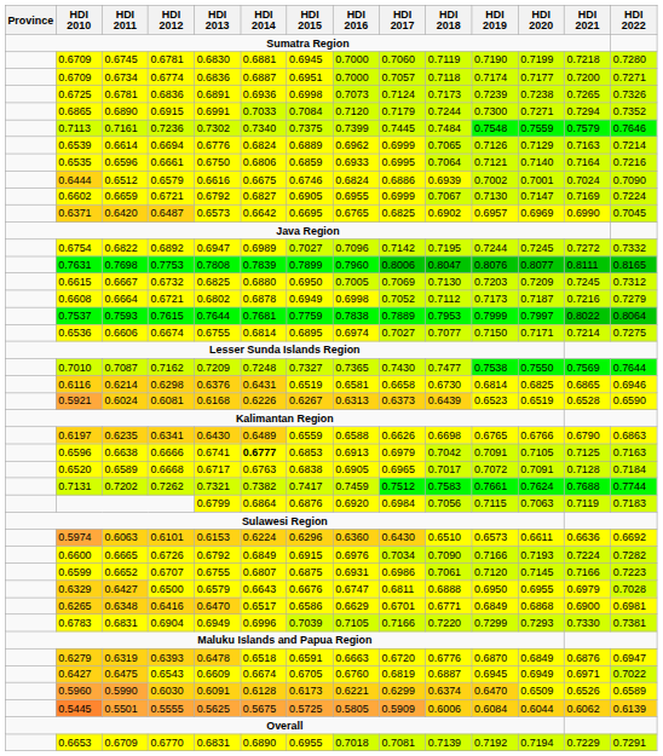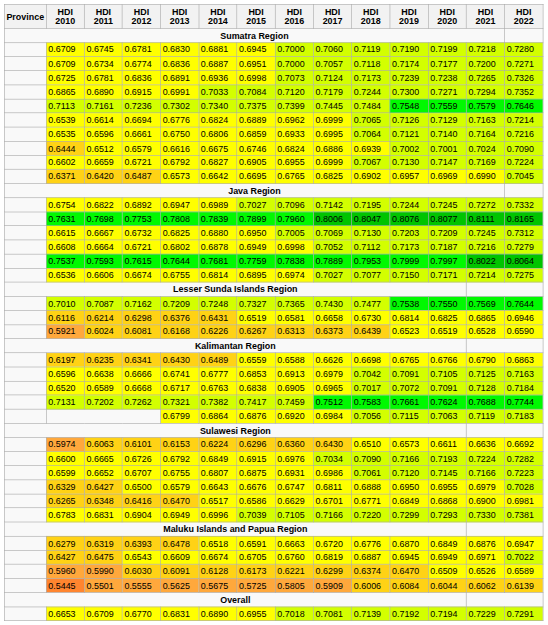 <table class="wikitable sortable" style="margin: 1em 1em 1em 0; font-size: 90%;">
 <tr>
 <th>Province</th>
 <th>HDI 2010</th>
 <th>HDI 2011</th>
 <th>HDI 2012</th>
 <th>HDI 2013</th>
 <th>HDI 2014</th>
 <th>HDI 2015</th>
 <th>HDI 2016</th>
 <th>HDI 2017</th>
 <th>HDI 2018</th>
 <th>HDI 2019</th>
 <th>HDI 2020</th>
 <th>HDI 2021</th>
 <th>HDI 2022</th>
 </tr>
 <tr>
 <td colspan="13" style="text-align:center"><strong>Sumatra Region</strong></td>
 </tr>
 <tr>
 <td></td>
 <td style="background:#FFFF00;">0.6709</td>
 <td style="background:#FFFF00;">0.6745</td>
 <td style="background:#FFFF00;">0.6781</td>
 <td style="background:#FFFF00;">0.6830</td>
 <td style="background:#FFFF00;">0.6881</td>
 <td style="background:#FFFF00;">0.6945</td>
 <td style="background:#D3FF00;">0.7000</td>
 <td style="background:#D3FF00;">0.7060</td>
 <td style="background:#D3FF00;">0.7119</td>
 <td style="background:#D3FF00;">0.7190</td>
 <td style="background:#D3FF00;">0.7199</td>
 <td style="background:#D3FF00;">0.7218</td>
 <td style="background:#D3FF00;">0.7280</td>
 </tr>
 <tr>
 <td></td>
 <td style="background:#FFFF00;">0.6709</td>
 <td style="background:#FFFF00;">0.6734</td>
 <td style="background:#FFFF00;">0.6774</td>
 <td style="background:#FFFF00;">0.6836</td>
 <td style="background:#FFFF00;">0.6887</td>
 <td style="background:#FFFF00;">0.6951</td>
 <td style="background:#D3FF00;">0.7000</td>
 <td style="background:#D3FF00;">0.7057</td>
 <td style="background:#D3FF00;">0.7118</td>
 <td style="background:#D3FF00;">0.7174</td>
 <td style="background:#D3FF00;">0.7177</td>
 <td style="background:#D3FF00;">0.7200</td>
 <td style="background:#D3FF00;">0.7271</td>
 </tr>
 <tr>
 <td></td>
 <td style="background:#FFFF00;">0.6725</td>
 <td style="background:#FFFF00;">0.6781</td>
 <td style="background:#FFFF00;">0.6836</td>
 <td style="background:#FFFF00;">0.6891</td>
 <td style="background:#FFFF00;">0.6936</td>
 <td style="background:#FFFF00;">0.6998</td>
 <td style="background:#D3FF00;">0.7073</td>
 <td style="background:#D3FF00;">0.7124</td>
 <td style="background:#D3FF00;">0.7173</td>
 <td style="background:#D3FF00;">0.7239</td>
 <td style="background:#D3FF00;">0.7238</td>
 <td style="background:#D3FF00;">0.7265</td>
 <td style="background:#D3FF00;">0.7326</td>
 </tr>
 <tr>
 <td></td>
 <td style="background:#FFFF00;">0.6865</td>
 <td style="background:#FFFF00;">0.6890</td>
 <td style="background:#FFFF00;">0.6915</td>
 <td style="background:#FFFF00;">0.6991</td>
 <td style="background:#D3FF00;">0.7033</td>
 <td style="background:#D3FF00;">0.7084</td>
 <td style="background:#D3FF00;">0.7120</td>
 <td style="background:#D3FF00;">0.7179</td>
 <td style="background:#D3FF00;">0.7244</td>
 <td style="background:#D3FF00;">0.7300</td>
 <td style="background:#D3FF00;">0.7271</td>
 <td style="background:#D3FF00;">0.7294</td>
 <td style="background:#D3FF00;">0.7352</td>
 </tr>
 <tr>
 <td></td>
 <td style="background:#D3FF00;">0.7113</td>
 <td style="background:#D3FF00;">0.7161</td>
 <td style="background:#D3FF00;">0.7236</td>
 <td style="background:#D3FF00;">0.7302</td>
 <td style="background:#D3FF00;">0.7340</td>
 <td style="background:#D3FF00;">0.7375</td>
 <td style="background:#D3FF00;">0.7399</td>
 <td style="background:#D3FF00;">0.7445</td>
 <td style="background:#D3FF00;">0.7484</td>
 <td style="background:#00F900;">0.7548</td>
 <td style="background:#00F900;">0.7559</td>
 <td style="background:#00F900;">0.7579</td>
 <td style="background:#00F900;">0.7646</td>
 </tr>
 <tr>
 <td></td>
 <td style="background:#FFFF00;">0.6539</td>
 <td style="background:#FFFF00;">0.6614</td>
 <td style="background:#FFFF00;">0.6694</td>
 <td style="background:#FFFF00;">0.6776</td>
 <td style="background:#FFFF00;">0.6824</td>
 <td style="background:#FFFF00;">0.6889</td>
 <td style="background:#FFFF00;">0.6962</td>
 <td style="background:#FFFF00;">0.6999</td>
 <td style="background:#D3FF00;">0.7065</td>
 <td style="background:#D3FF00;">0.7126</td>
 <td style="background:#D3FF00;">0.7129</td>
 <td style="background:#D3FF00;">0.7163</td>
 <td style="background:#D3FF00;">0.7214</td>
 </tr>
 <tr>
 <td></td>
 <td style="background:#FFFF00;">0.6535</td>
 <td style="background:#FFFF00;">0.6596</td>
 <td style="background:#FFFF00;">0.6661</td>
 <td style="background:#FFFF00;">0.6750</td>
 <td style="background:#FFFF00;">0.6806</td>
 <td style="background:#FFFF00;">0.6859</td>
 <td style="background:#FFFF00;">0.6933</td>
 <td style="background:#FFFF00;">0.6995</td>
 <td style="background:#D3FF00;">0.7064</td>
 <td style="background:#D3FF00;">0.7121</td>
 <td style="background:#D3FF00;">0.7140</td>
 <td style="background:#D3FF00;">0.7164</td>
 <td style="background:#D3FF00;">0.7216</td>
 </tr>
 <tr>
 <td></td>
 <td style="background:#FFD215;">0.6444</td>
 <td style="background:#FFFF00;">0.6512</td>
 <td style="background:#FFFF00;">0.6579</td>
 <td style="background:#FFFF00;">0.6616</td>
 <td style="background:#FFFF00;">0.6675</td>
 <td style="background:#FFFF00;">0.6746</td>
 <td style="background:#FFFF00;">0.6824</td>
 <td style="background:#FFFF00;">0.6886</td>
 <td style="background:#FFFF00;">0.6939</td>
 <td style="background:#D3FF00;">0.7002</td>
 <td style="background:#D3FF00;">0.7001</td>
 <td style="background:#D3FF00;">0.7024</td>
 <td style="background:#D3FF00;">0.7090</td>
 </tr>
 <tr>
 <td></td>
 <td style="background:#FFFF00;">0.6602</td>
 <td style="background:#FFFF00;">0.6659</td>
 <td style="background:#FFFF00;">0.6721</td>
 <td style="background:#FFFF00;">0.6792</td>
 <td style="background:#FFFF00;">0.6827</td>
 <td style="background:#FFFF00;">0.6905</td>
 <td style="background:#FFFF00;">0.6955</td>
 <td style="background:#FFFF00;">0.6999</td>
 <td style="background:#D3FF00;">0.7067</td>
 <td style="background:#D3FF00;">0.7130</td>
 <td style="background:#D3FF00;">0.7147</td>
 <td style="background:#D3FF00;">0.7169</td>
 <td style="background:#D3FF00;">0.7224</td>
 </tr>
 <tr>
 <td></td>
 <td style="background:#FFD215;">0.6371</td>
 <td style="background:#FFD215;">0.6420</td>
 <td style="background:#FFD215;">0.6487</td>
 <td style="background:#FFFF00;">0.6573</td>
 <td style="background:#FFFF00;">0.6642</td>
 <td style="background:#FFFF00;">0.6695</td>
 <td style="background:#FFFF00;">0.6765</td>
 <td style="background:#FFFF00;">0.6825</td>
 <td style="background:#FFFF00;">0.6902</td>
 <td style="background:#FFFF00;">0.6957</td>
 <td style="background:#FFFF00;">0.6969</td>
 <td style="background:#FFFF00;">0.6990</td>
 <td style="background:#D3FF00;">0.7045</td>
 </tr>
 <tr>
 <td colspan="13" style="text-align:center"><strong>Java Region</strong></td>
 </tr>
 <tr>
 <td></td>
 <td style="background:#FFFF00;">0.6754</td>
 <td style="background:#FFFF00;">0.6822</td>
 <td style="background:#FFFF00;">0.6892</td>
 <td style="background:#FFFF00;">0.6947</td>
 <td style="background:#FFFF00;">0.6989</td>
 <td style="background:#D3FF00;">0.7027</td>
 <td style="background:#D3FF00;">0.7096</td>
 <td style="background:#D3FF00;">0.7142</td>
 <td style="background:#D3FF00;">0.7195</td>
 <td style="background:#D3FF00;">0.7244</td>
 <td style="background:#D3FF00;">0.7245</td>
 <td style="background:#D3FF00;">0.7272</td>
 <td style="background:#D3FF00;">0.7332</td>
 </tr>
 <tr>
 <td></td>
 <td style="background:#00F900;">0.7631</td>
 <td style="background:#00F900;">0.7698</td>
 <td style="background:#00F900;">0.7753</td>
 <td style="background:#00F900;">0.7808</td>
 <td style="background:#00F900;">0.7839</td>
 <td style="background:#00F900;">0.7899</td>
 <td style="background:#00F900;">0.7960</td>
 <td style="background:#00C400;">0.8006</td>
 <td style="background:#00C400;">0.8047</td>
 <td style="background:#00C400;">0.8076</td>
 <td style="background:#00C400;">0.8077</td>
 <td style="background:#00C400;">0.8111</td>
 <td style="background:#00C400;">0.8165</td>
 </tr>
 <tr>
 <td></td>
 <td style="background:#FFFF00;">0.6615</td>
 <td style="background:#FFFF00;">0.6667</td>
 <td style="background:#FFFF00;">0.6732</td>
 <td style="background:#FFFF00;">0.6825</td>
 <td style="background:#FFFF00;">0.6880</td>
 <td style="background:#FFFF00;">0.6950</td>
 <td style="background:#D3FF00;">0.7005</td>
 <td style="background:#D3FF00;">0.7069</td>
 <td style="background:#D3FF00;">0.7130</td>
 <td style="background:#D3FF00;">0.7203</td>
 <td style="background:#D3FF00;">0.7209</td>
 <td style="background:#D3FF00;">0.7245</td>
 <td style="background:#D3FF00;">0.7312</td>
 </tr>
 <tr>
 <td></td>
 <td style="background:#FFFF00;">0.6608</td>
 <td style="background:#FFFF00;">0.6664</td>
 <td style="background:#FFFF00;">0.6721</td>
 <td style="background:#FFFF00;">0.6802</td>
 <td style="background:#FFFF00;">0.6878</td>
 <td style="background:#FFFF00;">0.6949</td>
 <td style="background:#FFFF00;">0.6998</td>
 <td style="background:#D3FF00;">0.7052</td>
 <td style="background:#D3FF00;">0.7112</td>
 <td style="background:#D3FF00;">0.7173</td>
 <td style="background:#D3FF00;">0.7187</td>
 <td style="background:#D3FF00;">0.7216</td>
 <td style="background:#D3FF00;">0.7279</td>
 </tr>
 <tr>
 <td></td>
 <td style="background:#00F900;">0.7537</td>
 <td style="background:#00F900;">0.7593</td>
 <td style="background:#00F900;">0.7615</td>
 <td style="background:#00F900;">0.7644</td>
 <td style="background:#00F900;">0.7681</td>
 <td style="background:#00F900;">0.7759</td>
 <td style="background:#00F900;">0.7838</td>
 <td style="background:#00F900;">0.7889</td>
 <td style="background:#00F900;">0.7953</td>
 <td style="background:#00F900;">0.7999</td>
 <td style="background:#00F900;">0.7997</td>
 <td style="background:#00C400;">0.8022</td>
 <td style="background:#00C400;">0.8064</td>
 </tr>
 <tr>
 <td></td>
 <td style="background:#FFFF00;">0.6536</td>
 <td style="background:#FFFF00;">0.6606</td>
 <td style="background:#FFFF00;">0.6674</td>
 <td style="background:#FFFF00;">0.6755</td>
 <td style="background:#FFFF00;">0.6814</td>
 <td style="background:#FFFF00;">0.6895</td>
 <td style="background:#FFFF00;">0.6974</td>
 <td style="background:#D3FF00;">0.7027</td>
 <td style="background:#D3FF00;">0.7077</td>
 <td style="background:#D3FF00;">0.7150</td>
 <td style="background:#D3FF00;">0.7171</td>
 <td style="background:#D3FF00;">0.7214</td>
 <td style="background:#D3FF00;">0.7275</td>
 </tr>
 <tr>
 <td colspan="12" style="text-align:center"><strong>Lesser Sunda Islands Region</strong></td>
 </tr>
 <tr>
 <td></td>
 <td style="background:#D3FF00;">0.7010</td>
 <td style="background:#D3FF00;">0.7087</td>
 <td style="background:#D3FF00;">0.7162</td>
 <td style="background:#D3FF00;">0.7209</td>
 <td style="background:#D3FF00;">0.7248</td>
 <td style="background:#D3FF00;">0.7327</td>
 <td style="background:#D3FF00;">0.7365</td>
 <td style="background:#D3FF00;">0.7430</td>
 <td style="background:#D3FF00;">0.7477</td>
 <td style="background:#00F900;">0.7538</td>
 <td style="background:#00F900;">0.7550</td>
 <td style="background:#00F900;">0.7569</td>
 <td style="background:#00F900;">0.7644</td>
 </tr>
 <tr>
 <td></td>
 <td style="background:#FFD215;">0.6116</td>
 <td style="background:#FFD215;">0.6214</td>
 <td style="background:#FFD215;">0.6298</td>
 <td style="background:#FFD215;">0.6376</td>
 <td style="background:#FFD215;">0.6431</td>
 <td style="background:#FFFF00;">0.6519</td>
 <td style="background:#FFFF00;">0.6581</td>
 <td style="background:#FFFF00;">0.6658</td>
 <td style="background:#FFFF00;">0.6730</td>
 <td style="background:#FFFF00;">0.6814</td>
 <td style="background:#FFFF00;">0.6825</td>
 <td style="background:#FFFF00;">0.6865</td>
 <td style="background:#FFFF00;">0.6946</td>
 </tr>
 <tr>
 <td></td>
 <td style="background:#FFA83C;">0.5921</td>
 <td style="background:#FFD215;">0.6024</td>
 <td style="background:#FFD215;">0.6081</td>
 <td style="background:#FFD215;">0.6168</td>
 <td style="background:#FFD215;">0.6226</td>
 <td style="background:#FFD215;">0.6267</td>
 <td style="background:#FFD215;">0.6313</td>
 <td style="background:#FFD215;">0.6373</td>
 <td style="background:#FFD215;">0.6439</td>
 <td style="background:#FFFF00;">0.6523</td>
 <td style="background:#FFFF00;">0.6519</td>
 <td style="background:#FFFF00;">0.6528</td>
 <td style="background:#FFFF00;">0.6590</td>
 </tr>
 <tr>
 <td colspan="12" style="text-align:center"><strong>Kalimantan Region</strong></td>
 </tr>
 <tr>
 <td></td>
 <td style="background:#FFD215;">0.6197</td>
 <td style="background:#FFD215;">0.6235</td>
 <td style="background:#FFD215;">0.6341</td>
 <td style="background:#FFD215;">0.6430</td>
 <td style="background:#FFD215;">0.6489</td>
 <td style="background:#FFFF00;">0.6559</td>
 <td style="background:#FFFF00;">0.6588</td>
 <td style="background:#FFFF00;">0.6626</td>
 <td style="background:#FFFF00;">0.6698</td>
 <td style="background:#FFFF00;">0.6765</td>
 <td style="background:#FFFF00;">0.6766</td>
 <td style="background:#FFFF00;">0.6790</td>
 <td style="background:#FFFF00;">0.6863</td>
 </tr>
 <tr>
 <td></td>
 <td style="background:#FFFF00;">0.6596</td>
 <td style="background:#FFFF00;">0.6638</td>
 <td style="background:#FFFF00;">0.6666</td>
 <td style="background:#FFFF00;">0.6741</td>
-<td style="background:#FFFF00;"><strong>0.6777</strong></td>
+<td style="background:#FFFF00;">0.6777</td>
 <td style="background:#FFFF00;">0.6853</td>
 <td style="background:#FFFF00;">0.6913</td>
 <td style="background:#FFFF00;">0.6979</td>
 <td style="background:#D3FF00;">0.7042</td>
 <td style="background:#D3FF00;">0.7091</td>
 <td style="background:#D3FF00;">0.7105</td>
 <td style="background:#D3FF00;">0.7125</td>
 <td style="background:#D3FF00;">0.7163</td>
 </tr>
 <tr>
 <td></td>
 <td style="background:#FFFF00;">0.6520</td>
 <td style="background:#FFFF00;">0.6589</td>
 <td style="background:#FFFF00;">0.6668</td>
 <td style="background:#FFFF00;">0.6717</td>
 <td style="background:#FFFF00;">0.6763</td>
 <td style="background:#FFFF00;">0.6838</td>
 <td style="background:#FFFF00;">0.6905</td>
 <td style="background:#FFFF00;">0.6965</td>
 <td style="background:#D3FF00;">0.7017</td>
 <td style="background:#D3FF00;">0.7072</td>
 <td style="background:#D3FF00;">0.7091</td>
 <td style="background:#D3FF00;">0.7128</td>
 <td style="background:#D3FF00;">0.7184</td>
 </tr>
 <tr>
 <td></td>
 <td style="background:#D3FF00;">0.7131</td>
 <td style="background:#D3FF00;">0.7202</td>
 <td style="background:#D3FF00;">0.7262</td>
 <td style="background:#D3FF00;">0.7321</td>
 <td style="background:#D3FF00;">0.7382</td>
 <td style="background:#D3FF00;">0.7417</td>
 <td style="background:#D3FF00;">0.7459</td>
 <td style="background:#00F900;">0.7512</td>
 <td style="background:#00F900;">0.7583</td>
 <td style="background:#00F900;">0.7661</td>
 <td style="background:#00F900;">0.7624</td>
 <td style="background:#00F900;">0.7688</td>
 <td style="background:#00F900;">0.7744</td>
 </tr>
 <tr>
 <td></td>
 <td colspan="3" align=center></td>
 <td style="background:#FFFF00;">0.6799</td>
 <td style="background:#FFFF00;">0.6864</td>
 <td style="background:#FFFF00;">0.6876</td>
 <td style="background:#FFFF00;">0.6920</td>
 <td style="background:#FFFF00;">0.6984</td>
 <td style="background:#D3FF00;">0.7056</td>
 <td style="background:#D3FF00;">0.7115</td>
 <td style="background:#D3FF00;">0.7063</td>
 <td style="background:#D3FF00;">0.7119</td>
 <td style="background:#D3FF00;">0.7183</td>
 </tr>
 <tr>
 <td colspan="12" style="text-align:center"><strong>Sulawesi Region</strong></td>
 </tr>
 <tr>
 <td></td>
 <td style="background:#FFA83C;">0.5974</td>
 <td style="background:#FFD215;">0.6063</td>
 <td style="background:#FFD215;">0.6101</td>
 <td style="background:#FFD215;">0.6153</td>
 <td style="background:#FFD215;">0.6224</td>
 <td style="background:#FFD215;">0.6296</td>
 <td style="background:#FFD215;">0.6360</td>
 <td style="background:#FFD215;">0.6430</td>
 <td style="background:#FFFF00;">0.6510</td>
 <td style="background:#FFFF00;">0.6573</td>
 <td style="background:#FFFF00;">0.6611</td>
 <td style="background:#FFFF00;">0.6636</td>
 <td style="background:#FFFF00;">0.6692</td>
 </tr>
 <tr>
 <td></td>
 <td style="background:#FFFF00;">0.6600</td>
 <td style="background:#FFFF00;">0.6665</td>
 <td style="background:#FFFF00;">0.6726</td>
 <td style="background:#FFFF00;">0.6792</td>
 <td style="background:#FFFF00;">0.6849</td>
 <td style="background:#FFFF00;">0.6915</td>
 <td style="background:#FFFF00;">0.6976</td>
 <td style="background:#D3FF00;">0.7034</td>
 <td style="background:#D3FF00;">0.7090</td>
 <td style="background:#D3FF00;">0.7166</td>
 <td style="background:#D3FF00;">0.7193</td>
 <td style="background:#D3FF00;">0.7224</td>
 <td style="background:#D3FF00;">0.7282</td>
 </tr>
 <tr>
 <td></td>
 <td style="background:#FFFF00;">0.6599</td>
 <td style="background:#FFFF00;">0.6652</td>
 <td style="background:#FFFF00;">0.6707</td>
 <td style="background:#FFFF00;">0.6755</td>
 <td style="background:#FFFF00;">0.6807</td>
 <td style="background:#FFFF00;">0.6875</td>
 <td style="background:#FFFF00;">0.6931</td>
 <td style="background:#FFFF00;">0.6986</td>
 <td style="background:#D3FF00;">0.7061</td>
 <td style="background:#D3FF00;">0.7120</td>
 <td style="background:#D3FF00;">0.7145</td>
 <td style="background:#D3FF00;">0.7166</td>
 <td style="background:#D3FF00;">0.7223</td>
 </tr>
 <tr>
 <td></td>
 <td style="background:#FFD215;">0.6329</td>
 <td style="background:#FFD215;">0.6427</td>
 <td style="background:#FFFF00;">0.6500</td>
 <td style="background:#FFFF00;">0.6579</td>
 <td style="background:#FFFF00;">0.6643</td>
 <td style="background:#FFFF00;">0.6676</td>
 <td style="background:#FFFF00;">0.6747</td>
 <td style="background:#FFFF00;">0.6811</td>
 <td style="background:#FFFF00;">0.6888</td>
 <td style="background:#FFFF00;">0.6950</td>
 <td style="background:#FFFF00;">0.6955</td>
 <td style="background:#FFFF00;">0.6979</td>
 <td style="background:#D3FF00;">0.7028</td>
 </tr>
 <tr>
 <td></td>
 <td style="background:#FFD215;">0.6265</td>
 <td style="background:#FFD215;">0.6348</td>
 <td style="background:#FFD215;">0.6416</td>
 <td style="background:#FFD215;">0.6470</td>
 <td style="background:#FFFF00;">0.6517</td>
 <td style="background:#FFFF00;">0.6586</td>
 <td style="background:#FFFF00;">0.6629</td>
 <td style="background:#FFFF00;">0.6701</td>
 <td style="background:#FFFF00;">0.6771</td>
 <td style="background:#FFFF00;">0.6849</td>
 <td style="background:#FFFF00;">0.6868</td>
 <td style="background:#FFFF00;">0.6900</td>
 <td style="background:#FFFF00;">0.6981</td>
 </tr>
 <tr>
 <td></td>
 <td style="background:#FFFF00;">0.6783</td>
 <td style="background:#FFFF00;">0.6831</td>
 <td style="background:#FFFF00;">0.6904</td>
 <td style="background:#FFFF00;">0.6949</td>
 <td style="background:#FFFF00;">0.6996</td>
 <td style="background:#D3FF00;">0.7039</td>
 <td style="background:#D3FF00;">0.7105</td>
 <td style="background:#D3FF00;">0.7166</td>
 <td style="background:#D3FF00;">0.7220</td>
 <td style="background:#D3FF00;">0.7299</td>
 <td style="background:#D3FF00;">0.7293</td>
 <td style="background:#D3FF00;">0.7330</td>
 <td style="background:#D3FF00;">0.7381</td>
 </tr>
 <tr>
 <td colspan="12" style="text-align:center"><strong>Maluku Islands and Papua Region</strong></td>
 </tr>
 <tr>
 <td></td>
 <td style="background:#FFD215;">0.6279</td>
 <td style="background:#FFD215;">0.6319</td>
 <td style="background:#FFD215;">0.6393</td>
 <td style="background:#FFD215;">0.6478</td>
 <td style="background:#FFFF00;">0.6518</td>
 <td style="background:#FFFF00;">0.6591</td>
 <td style="background:#FFFF00;">0.6663</td>
 <td style="background:#FFFF00;">0.6720</td>
 <td style="background:#FFFF00;">0.6776</td>
 <td style="background:#FFFF00;">0.6870</td>
 <td style="background:#FFFF00;">0.6849</td>
 <td style="background:#FFFF00;">0.6876</td>
 <td style="background:#FFFF00;">0.6947</td>
 </tr>
 <tr>
 <td></td>
 <td style="background:#FFD215;">0.6427</td>
 <td style="background:#FFD215;">0.6475</td>
 <td style="background:#FFFF00;">0.6543</td>
 <td style="background:#FFFF00;">0.6609</td>
 <td style="background:#FFFF00;">0.6674</td>
 <td style="background:#FFFF00;">0.6705</td>
 <td style="background:#FFFF00;">0.6760</td>
 <td style="background:#FFFF00;">0.6819</td>
 <td style="background:#FFFF00;">0.6887</td>
 <td style="background:#FFFF00;">0.6945</td>
 <td style="background:#FFFF00;">0.6949</td>
 <td style="background:#FFFF00;">0.6971</td>
 <td style="background:#D3FF00;">0.7022</td>
 </tr>
 <tr>
 <td></td>
 <td style="background:#FFA83C;">0.5960</td>
 <td style="background:#FFA83C;">0.5990</td>
 <td style="background:#FFD215;">0.6030</td>
 <td style="background:#FFD215;">0.6091</td>
 <td style="background:#FFD215;">0.6128</td>
 <td style="background:#FFD215;">0.6173</td>
 <td style="background:#FFD215;">0.6221</td>
 <td style="background:#FFD215;">0.6299</td>
 <td style="background:#FFD215;">0.6374</td>
 <td style="background:#FFD215;">0.6470</td>
 <td style="background:#FFFF00;">0.6509</td>
 <td style="background:#FFFF00;">0.6526</td>
 <td style="background:#FFFF00;">0.6589</td>
 </tr>
 <tr>
 <td></td>
 <td style="background:#FF852F;">0.5445</td>
 <td style="background:#FFA83C;">0.5501</td>
 <td style="background:#FFA83C;">0.5555</td>
 <td style="background:#FFA83C;">0.5625</td>
 <td style="background:#FFA83C;">0.5675</td>
 <td style="background:#FFA83C;">0.5725</td>
 <td style="background:#FFA83C;">0.5805</td>
 <td style="background:#FFA83C;">0.5909</td>
 <td style="background:#FFD215;">0.6006</td>
 <td style="background:#FFD215;">0.6084</td>
 <td style="background:#FFD215;">0.6044</td>
 <td style="background:#FFD215;">0.6062</td>
 <td style="background:#FFD215;">0.6139</td>
 </tr>
 <tr>
 <td colspan="12" style="text-align:center"><strong>Overall</strong></td>
 </tr>
 <tr>
 <td></td>
 <td style="background:#FFFF00;">0.6653</td>
 <td style="background:#FFFF00;">0.6709</td>
 <td style="background:#FFFF00;">0.6770</td>
 <td style="background:#FFFF00;">0.6831</td>
 <td style="background:#FFFF00;">0.6890</td>
 <td style="background:#FFFF00;">0.6955</td>
 <td style="background:#D3FF00;">0.7018</td>
 <td style="background:#D3FF00;">0.7081</td>
 <td style="background:#D3FF00;">0.7139</td>
 <td style="background:#D3FF00;">0.7192</td>
 <td style="background:#D3FF00;">0.7194</td>
 <td style="background:#D3FF00;">0.7229</td>
 <td style="background:#D3FF00;">0.7291</td>
 </tr>
 </table>
